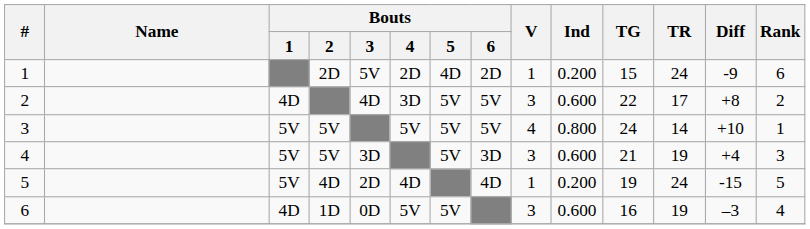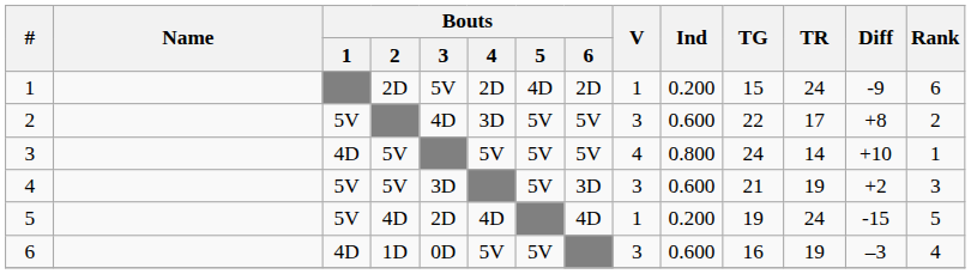 <table class="wikitable" style="text-align:center;">
 <tr>
 <th rowspan=2 width=30>#</th>
 <th rowspan=2 width=200>Name</th>
 <th colspan=6>Bouts</th>
 <th rowspan=2 width=30>V</th>
 <th rowspan=2 width=40>Ind</th>
 <th rowspan=2 width=40>TG</th>
 <th rowspan=2 width=40>TR</th>
 <th rowspan=2 width=40>Diff</th>
 <th rowspan=2 width=30>Rank</th>
 </tr>
 <tr>
 <th width=30>1</th>
 <th width=30>2</th>
 <th width=30>3</th>
 <th width=30>4</th>
 <th width=30>5</th>
 <th width=30>6</th>
 </tr>
 <tr>
 <td>1</td>
 <td align=left></td>
 <td bgcolor=grey></td>
 <td>2D</td>
 <td>5V</td>
 <td>2D</td>
 <td>4D</td>
 <td>2D</td>
 <td>1</td>
 <td>0.200</td>
 <td>15</td>
 <td>24</td>
 <td>-9</td>
 <td>6</td>
 </tr>
 <tr>
 <td>2</td>
 <td align=left></td>
-<td>4D</td>
+<td>5V</td>
 <td bgcolor=grey></td>
 <td>4D</td>
 <td>3D</td>
 <td>5V</td>
 <td>5V</td>
 <td>3</td>
 <td>0.600</td>
 <td>22</td>
 <td>17</td>
 <td>+8</td>
 <td>2</td>
 </tr>
 <tr>
 <td>3</td>
 <td align=left></td>
-<td>5V</td>
+<td>4D</td>
 <td>5V</td>
 <td bgcolor=grey></td>
 <td>5V</td>
 <td>5V</td>
 <td>5V</td>
 <td>4</td>
 <td>0.800</td>
 <td>24</td>
 <td>14</td>
 <td>+10</td>
 <td>1</td>
 </tr>
 <tr>
 <td>4</td>
 <td align=left></td>
 <td>5V</td>
 <td>5V</td>
 <td>3D</td>
 <td bgcolor=grey></td>
 <td>5V</td>
 <td>3D</td>
 <td>3</td>
 <td>0.600</td>
 <td>21</td>
 <td>19</td>
-<td>+4</td>
+<td>+2</td>
 <td>3</td>
 </tr>
 <tr>
 <td>5</td>
 <td align=left></td>
 <td>5V</td>
 <td>4D</td>
 <td>2D</td>
 <td>4D</td>
 <td bgcolor=grey></td>
 <td>4D</td>
 <td>1</td>
 <td>0.200</td>
 <td>19</td>
 <td>24</td>
 <td>-15</td>
 <td>5</td>
 </tr>
 <tr>
 <td>6</td>
 <td align=left></td>
 <td>4D</td>
 <td>1D</td>
 <td>0D</td>
 <td>5V</td>
 <td>5V</td>
 <td bgcolor=grey></td>
 <td>3</td>
 <td>0.600</td>
 <td>16</td>
 <td>19</td>
 <td>–3</td>
 <td>4</td>
 </tr>
 <tr>
 </tr>
 </table>
